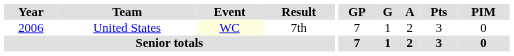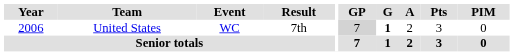 <table border="0" cellpadding="1" cellspacing="0" ID="Table3" style="text-align:center; width:40em">
 <tr ALIGN="center" bgcolor="#e0e0e0">
 <th>Year</th>
 <th>Team</th>
 <th>Event</th>
 <th>Result</th>
 <th rowspan="99" bgcolor="#ffffff"></th>
 <th>GP</th>
 <th>G</th>
 <th>A</th>
 <th>Pts</th>
 <th>PIM</th>
 </tr>
 <tr ALIGN="center">
 <td><a href='#'>2006</a></td>
 <td><a href='#'>United States</a></td>
-<td style="background: lightyellow;"><a href='#'>WC</a></td>
+<td><a href='#'>WC</a></td>
 <td>7th</td>
-<td>7</td>
-<td>1</td>
+<td style="background: lightgrey;">7</td>
+<td><strong>1</strong></td>
 <td>2</td>
 <td>3</td>
 <td>0</td>
 </tr>
 <tr bgcolor="#e0e0e0">
 <th colspan="4">Senior totals</th>
 <th>7</th>
 <th>1</th>
 <th>2</th>
 <th>3</th>
 <th>0</th>
 </tr>
 </table>
